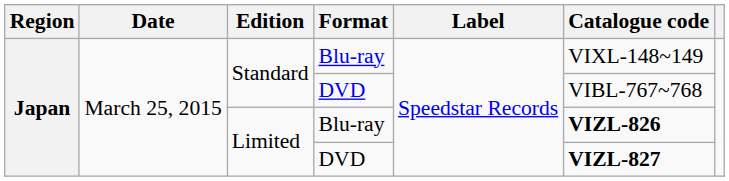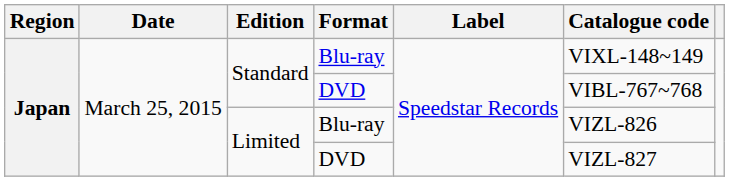 <table class="wikitable unsortable plainrowheaders">
 <tr>
 <th scope="col">Region</th>
 <th scope="col">Date</th>
 <th scope="col">Edition</th>
 <th scope="col">Format</th>
 <th scope="col">Label</th>
 <th>Catalogue code</th>
 <th scope="col"></th>
 </tr>
 <tr>
 <th scope="row" rowspan="4">Japan</th>
 <td rowspan="4">March 25, 2015</td>
 <td rowspan="2">Standard</td>
 <td><a href='#'>Blu-ray</a></td>
 <td rowspan="4"><a href='#'>Speedstar Records</a></td>
 <td>VIXL-148~149</td>
 <td style="text-align:center;" rowspan="4"></td>
 </tr>
 <tr>
 <td><a href='#'>DVD</a></td>
 <td>VIBL-767~768</td>
 </tr>
 <tr>
 <td rowspan="2">Limited</td>
 <td>Blu-ray</td>
-<td><strong>VIZL-826</strong></td>
+<td>VIZL-826</td>
 </tr>
 <tr>
 <td>DVD</td>
-<td><strong>VIZL-827</strong></td>
+<td>VIZL-827</td>
 </tr>
 </table>
